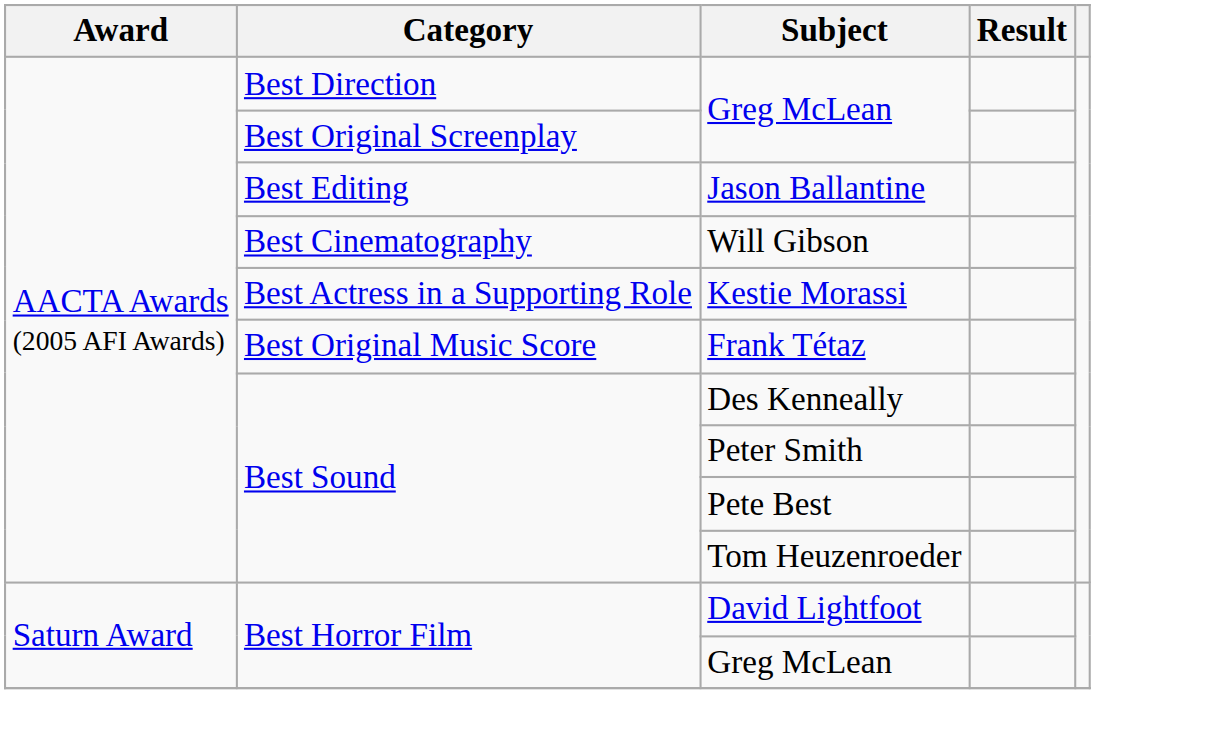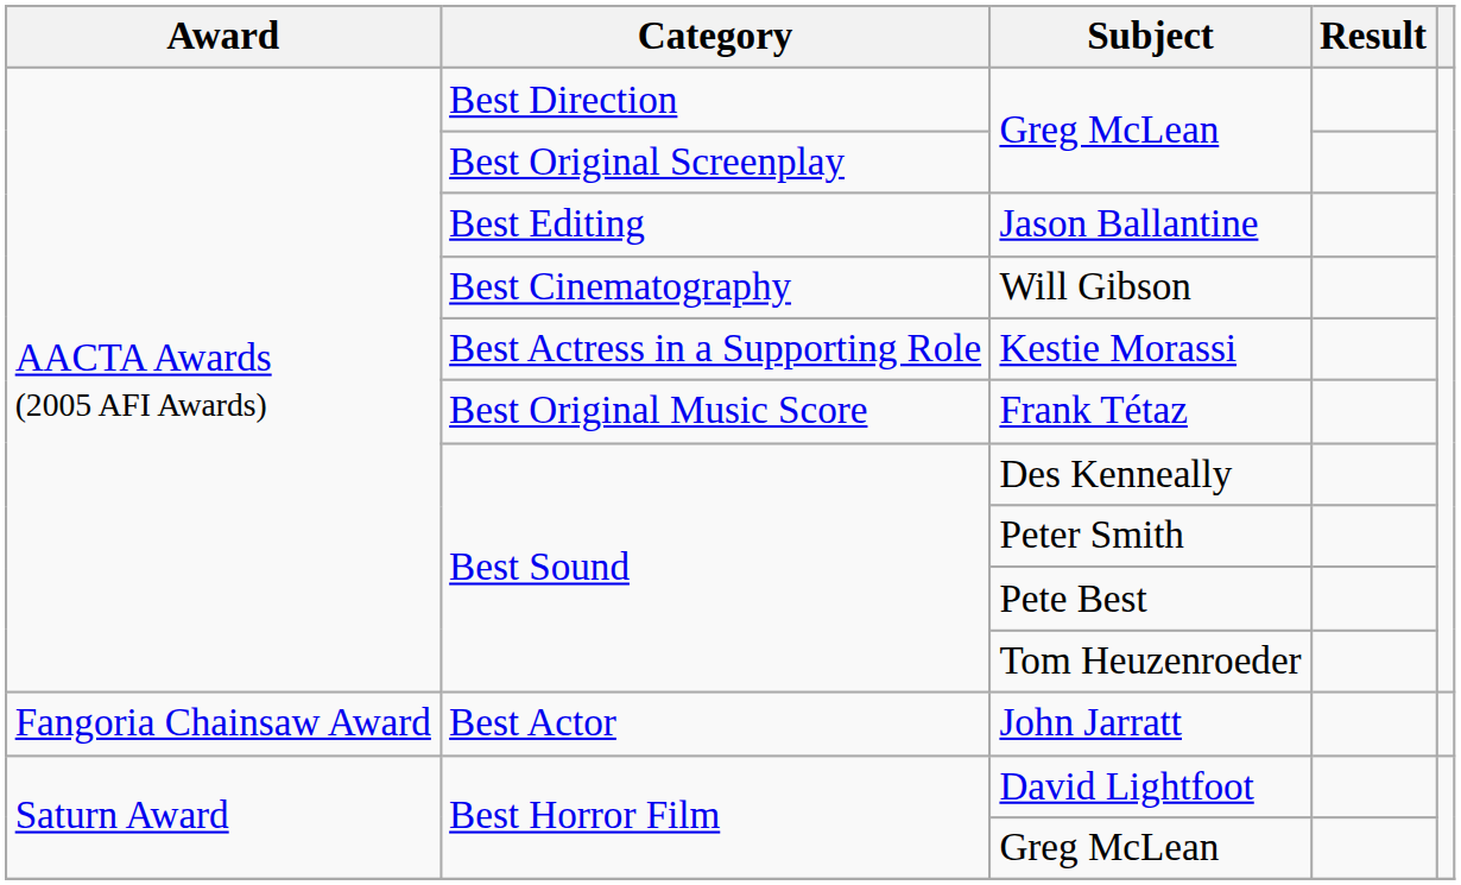 <table class="wikitable sortable plainrowheaders">
 <tr>
 <th>Award</th>
 <th>Category</th>
 <th>Subject</th>
 <th>Result</th>
 <th class="unsortable"></th>
 </tr>
 <tr>
 <td rowspan=10><a href='#'>AACTA Awards</a><br><small>(2005 AFI Awards)</small></td>
 <td><a href='#'>Best Direction</a></td>
 <td rowspan=2><a href='#'>Greg McLean</a></td>
 <td></td>
 <td rowspan=10 align=center></td>
 </tr>
 <tr>
 <td><a href='#'>Best Original Screenplay</a></td>
 <td></td>
 </tr>
 <tr>
 <td><a href='#'>Best Editing</a></td>
 <td><a href='#'>Jason Ballantine</a></td>
 <td></td>
 </tr>
 <tr>
 <td><a href='#'>Best Cinematography</a></td>
 <td>Will Gibson</td>
 <td></td>
 </tr>
 <tr>
 <td><a href='#'>Best Actress in a Supporting Role</a></td>
 <td><a href='#'>Kestie Morassi</a></td>
 <td></td>
 </tr>
 <tr>
 <td><a href='#'>Best Original Music Score</a></td>
 <td><a href='#'>Frank Tétaz</a></td>
 <td></td>
 </tr>
 <tr>
 <td rowspan=4><a href='#'>Best Sound</a></td>
 <td>Des Kenneally</td>
 <td></td>
 </tr>
 <tr>
 <td>Peter Smith</td>
 <td></td>
 </tr>
 <tr>
 <td>Pete Best</td>
 <td></td>
 </tr>
 <tr>
 <td>Tom Heuzenroeder</td>
 <td></td>
 </tr>
 <tr>
+<td><a href='#'>Fangoria Chainsaw Award</a></td>
+<td><a href='#'>Best Actor</a></td>
+<td><a href='#'>John Jarratt</a></td>
+<td></td>
+<td align=center></td>
+</tr>
+<tr>
 <td rowspan=2><a href='#'>Saturn Award</a></td>
 <td rowspan=2><a href='#'>Best Horror Film</a></td>
 <td><a href='#'>David Lightfoot</a></td>
 <td></td>
 <td rowspan=2 align=center></td>
 </tr>
 <tr>
 <td>Greg McLean</td>
 <td></td>
 </tr>
 <tr>
 </tr>
 </table>
